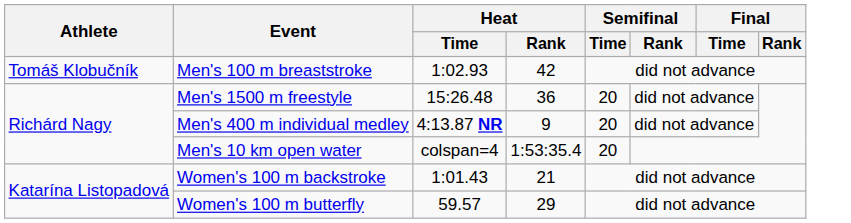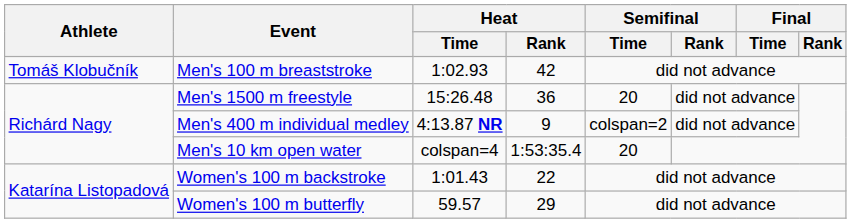 <table class=wikitable style="font-size:90%">
 <tr>
 <th rowspan="2">Athlete</th>
 <th rowspan="2">Event</th>
 <th colspan="2">Heat</th>
 <th colspan="2">Semifinal</th>
 <th colspan="2">Final</th>
 </tr>
 <tr style="font-size:95%">
 <th>Time</th>
 <th>Rank</th>
 <th>Time</th>
 <th>Rank</th>
 <th>Time</th>
 <th>Rank</th>
 </tr>
 <tr align=center>
 <td align=left><a href='#'>Tomáš Klobučník</a></td>
 <td align=left><a href='#'>Men's 100 m breaststroke</a></td>
 <td>1:02.93</td>
 <td>42</td>
 <td colspan=4>did not advance</td>
 </tr>
 <tr align=center>
 <td align=left rowspan=3><a href='#'>Richárd Nagy</a></td>
 <td align=left><a href='#'>Men's 1500 m freestyle</a></td>
 <td>15:26.48</td>
 <td>36</td>
 <td>20</td>
 <td colspan=2>did not advance</td>
 </tr>
 <tr align=center>
 <td align=left><a href='#'>Men's 400 m individual medley</a></td>
 <td>4:13.87 <strong><a href='#'>NR</a></strong></td>
 <td>9</td>
-<td>20</td>
+<td>colspan=2 </td>
 <td colspan=2>did not advance</td>
 </tr>
 <tr align=center>
 <td align=left><a href='#'>Men's 10 km open water</a></td>
 <td>colspan=4 </td>
 <td>1:53:35.4</td>
 <td>20</td>
 </tr>
 <tr align=center>
 <td align=left rowspan=2><a href='#'>Katarína Listopadová</a></td>
 <td align=left><a href='#'>Women's 100 m backstroke</a></td>
 <td>1:01.43</td>
-<td>21</td>
+<td>22</td>
 <td colspan=4>did not advance</td>
 </tr>
 <tr align=center>
 <td align=left><a href='#'>Women's 100 m butterfly</a></td>
 <td>59.57</td>
 <td>29</td>
 <td colspan=4>did not advance</td>
 </tr>
 </table>
